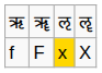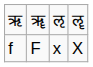 <table class="wikitable">
 <tr class="Unicode">
 <td>ऋ</td>
 <td>ॠ</td>
 <td>ऌ</td>
 <td>ॡ</td>
 </tr>
 <tr>
 <td>f</td>
 <td>F</td>
-<td style="background: gold;">x</td>
+<td>x</td>
 <td>X</td>
 </tr>
 </table>
